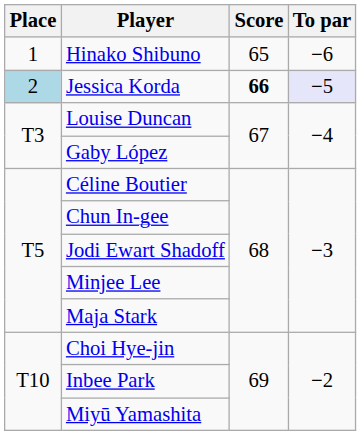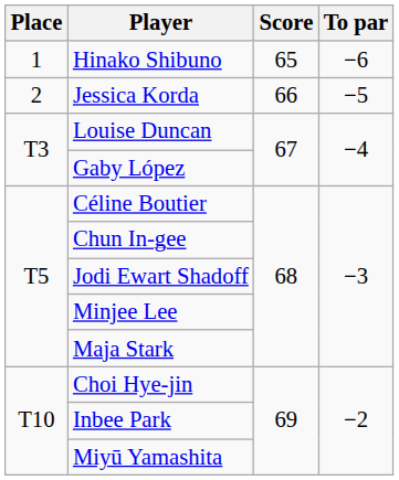 <table class="wikitable">
 <tr>
 <th>Place</th>
 <th>Player</th>
 <th>Score</th>
 <th>To par</th>
 </tr>
 <tr>
 <td align=center>1</td>
 <td> <a href='#'>Hinako Shibuno</a></td>
 <td align=center>65</td>
 <td align=center>−6</td>
 </tr>
 <tr>
-<td align=center style="background: lightblue;">2</td>
+<td align=center>2</td>
 <td> <a href='#'>Jessica Korda</a></td>
-<td align=center><strong>66</strong></td>
-<td align=center style="background: lavender;">−5</td>
+<td align=center>66</td>
+<td align=center>−5</td>
 </tr>
 <tr>
 <td align=center rowspan=2>T3</td>
 <td> <a href='#'>Louise Duncan</a></td>
 <td align=center rowspan=2>67</td>
 <td align=center rowspan=2>−4</td>
 </tr>
 <tr>
 <td> <a href='#'>Gaby López</a></td>
 </tr>
 <tr>
 <td align=center rowspan=5>T5</td>
 <td> <a href='#'>Céline Boutier</a></td>
 <td align=center rowspan=5>68</td>
 <td align=center rowspan=5>−3</td>
 </tr>
 <tr>
 <td> <a href='#'>Chun In-gee</a></td>
 </tr>
 <tr>
 <td> <a href='#'>Jodi Ewart Shadoff</a></td>
 </tr>
 <tr>
 <td> <a href='#'>Minjee Lee</a></td>
 </tr>
 <tr>
 <td> <a href='#'>Maja Stark</a></td>
 </tr>
 <tr>
 <td align=center rowspan=3>T10</td>
 <td> <a href='#'>Choi Hye-jin</a></td>
 <td align=center rowspan=3>69</td>
 <td align=center rowspan=3>−2</td>
 </tr>
 <tr>
 <td> <a href='#'>Inbee Park</a></td>
 </tr>
 <tr>
 <td> <a href='#'>Miyū Yamashita</a></td>
 </tr>
 </table>
